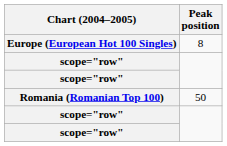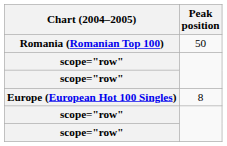 <table class="wikitable sortable plainrowheaders" style="text-align:center">
 <tr>
 <th scope="col">Chart (2004–2005)</th>
 <th scope="col">Peak<br>position</th>
+</tr>
+<tr>
+<th scope="row">Romania (<a href='#'>Romanian Top 100</a>)</th>
+<td>50</td>
+</tr>
+<tr>
+<th>scope="row"</th>
+</tr>
+<tr>
+<th>scope="row"</th>
 </tr>
 <tr>
 <th scope="row">Europe (<a href='#'>European Hot 100 Singles</a>)</th>
 <td>8</td>
 </tr>
 <tr>
 <th>scope="row"</th>
 </tr>
 <tr>
 <th>scope="row"</th>
 </tr>
-<tr>
-<th scope="row">Romania (<a href='#'>Romanian Top 100</a>)</th>
-<td>50</td>
-</tr>
-<tr>
-<th>scope="row"</th>
-</tr>
-<tr>
-<th>scope="row"</th>
-</tr>
 </table>
